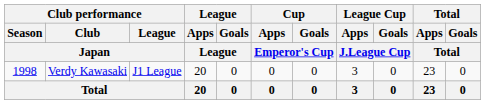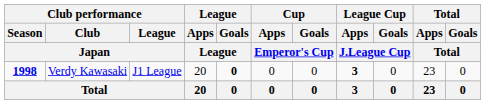 <table class="wikitable" style="text-align:center;">
 <tr>
 <th colspan=3>Club performance</th>
 <th colspan=2>League</th>
 <th colspan=2>Cup</th>
 <th colspan=2>League Cup</th>
 <th colspan=2>Total</th>
 </tr>
 <tr>
 <th>Season</th>
 <th>Club</th>
 <th>League</th>
 <th>Apps</th>
 <th>Goals</th>
 <th>Apps</th>
 <th>Goals</th>
 <th>Apps</th>
 <th>Goals</th>
 <th>Apps</th>
 <th>Goals</th>
 </tr>
 <tr>
 <th colspan=3>Japan</th>
 <th colspan=2>League</th>
 <th colspan=2><a href='#'>Emperor's Cup</a></th>
 <th colspan=2><a href='#'>J.League Cup</a></th>
 <th colspan=2>Total</th>
 </tr>
 <tr>
-<td><a href='#'>1998</a></td>
+<td><strong><a href='#'>1998</a></strong></td>
 <td><a href='#'>Verdy Kawasaki</a></td>
 <td><a href='#'>J1 League</a></td>
 <td>20</td>
+<td><strong>0</strong></td>
 <td>0</td>
 <td>0</td>
-<td>0</td>
-<td>3</td>
+<td><strong>3</strong></td>
 <td>0</td>
 <td>23</td>
 <td>0</td>
 </tr>
 <tr>
 <th colspan=3>Total</th>
 <th>20</th>
 <th>0</th>
 <th>0</th>
 <th>0</th>
 <th>3</th>
 <th>0</th>
 <th>23</th>
 <th>0</th>
 </tr>
 </table>
